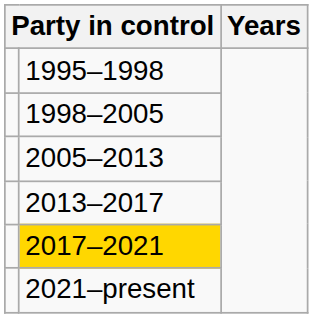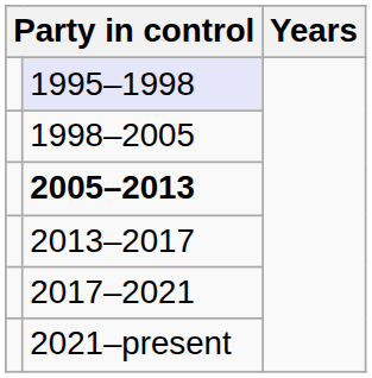 <table class="wikitable">
 <tr>
 <th colspan="2">Party in control</th>
 <th>Years</th>
 </tr>
 <tr>
 <td></td>
-<td>1995–1998</td>
+<td style="background: lavender;">1995–1998</td>
 </tr>
 <tr>
 <td></td>
 <td>1998–2005</td>
 </tr>
 <tr>
 <td></td>
-<td>2005–2013</td>
+<td><strong>2005–2013</strong></td>
 </tr>
 <tr>
 <td></td>
 <td>2013–2017</td>
 </tr>
 <tr>
 <td></td>
-<td style="background: gold;">2017–2021</td>
+<td>2017–2021</td>
 </tr>
 <tr>
 <td></td>
 <td>2021–present</td>
 </tr>
 </table>
